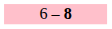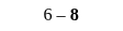 <table style="text-align:center">
 <tr>
 <th width=200></th>
 <th width=100></th>
 <th width=200></th>
 </tr>
 <tr>
 <td align=right></td>
-<td style="background: pink;">6 – <strong>8</strong></td>
+<td>6 – <strong>8</strong></td>
 <td align=left><strong></strong></td>
 </tr>
 </table>
